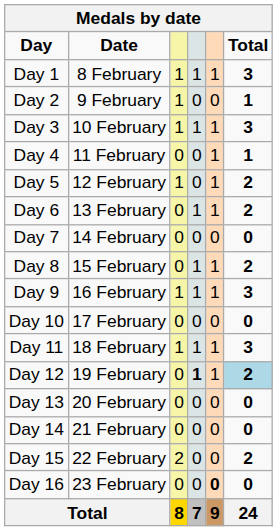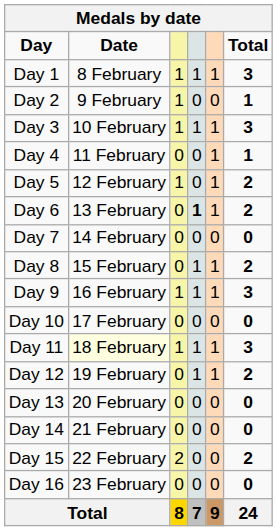 <table class=wikitable style="font-size:85%">
 <tr bgcolor=efefef>
 <th colspan=6><strong>Medals by date</strong></th>
 </tr>
 <tr align=center>
 <td><strong>Day</strong></td>
 <td><strong>Date</strong></td>
 <td bgcolor=#f7f6a8></td>
 <td bgcolor=#dce5e5></td>
 <td bgcolor=#ffdab9></td>
 <td><strong>Total</strong></td>
 </tr>
 <tr align=center>
 <td>Day 1</td>
 <td>8 February</td>
 <td bgcolor=F7F6A8>1</td>
 <td bgcolor=DCE5E5>1</td>
 <td bgcolor=FFDAB9>1</td>
 <td><strong>3</strong></td>
 </tr>
 <tr align=center>
 <td>Day 2</td>
 <td>9 February</td>
 <td bgcolor=F7F6A8>1</td>
 <td bgcolor=DCE5E5>0</td>
 <td bgcolor=FFDAB9>0</td>
 <td><strong>1</strong></td>
 </tr>
 <tr align=center>
 <td>Day 3</td>
 <td>10 February</td>
 <td bgcolor=F7F6A8>1</td>
 <td bgcolor=DCE5E5>1</td>
 <td bgcolor=FFDAB9>1</td>
 <td><strong>3</strong></td>
 </tr>
 <tr align=center>
 <td>Day 4</td>
 <td>11 February</td>
 <td bgcolor=F7F6A8>0</td>
 <td bgcolor=DCE5E5>0</td>
 <td bgcolor=FFDAB9>1</td>
 <td><strong>1</strong></td>
 </tr>
 <tr align=center>
 <td>Day 5</td>
 <td>12 February</td>
 <td bgcolor=F7F6A8>1</td>
 <td bgcolor=DCE5E5>0</td>
 <td bgcolor=FFDAB9>1</td>
 <td><strong>2</strong></td>
 </tr>
 <tr align=center>
 <td>Day 6</td>
 <td>13 February</td>
 <td bgcolor=F7F6A8>0</td>
-<td bgcolor=DCE5E5>1</td>
+<td bgcolor=DCE5E5><strong>1</strong></td>
 <td bgcolor=FFDAB9>1</td>
 <td><strong>2</strong></td>
 </tr>
 <tr align=center>
 <td>Day 7</td>
 <td>14 February</td>
 <td bgcolor=F7F6A8>0</td>
 <td bgcolor=DCE5E5>0</td>
 <td bgcolor=FFDAB9>0</td>
 <td><strong>0</strong></td>
 </tr>
 <tr align=center>
 <td>Day 8</td>
 <td>15 February</td>
 <td bgcolor=F7F6A8>0</td>
 <td bgcolor=DCE5E5>1</td>
 <td bgcolor=FFDAB9>1</td>
 <td><strong>2</strong></td>
 </tr>
 <tr align=center>
 <td>Day 9</td>
 <td>16 February</td>
 <td bgcolor=F7F6A8>1</td>
 <td bgcolor=DCE5E5>1</td>
 <td bgcolor=FFDAB9>1</td>
 <td><strong>3</strong></td>
 </tr>
 <tr align=center>
 <td>Day 10</td>
 <td>17 February</td>
 <td bgcolor=F7F6A8>0</td>
 <td bgcolor=DCE5E5>0</td>
 <td bgcolor=FFDAB9>0</td>
 <td><strong>0</strong></td>
 </tr>
 <tr align=center>
 <td>Day 11</td>
-<td>18 February</td>
+<td style="background: lightyellow;">18 February</td>
 <td bgcolor=F7F6A8>1</td>
 <td bgcolor=DCE5E5>1</td>
 <td bgcolor=FFDAB9>1</td>
 <td><strong>3</strong></td>
 </tr>
 <tr align=center>
 <td>Day 12</td>
 <td>19 February</td>
 <td bgcolor=F7F6A8>0</td>
-<td bgcolor=DCE5E5><strong>1</strong></td>
+<td bgcolor=DCE5E5>1</td>
 <td bgcolor=FFDAB9>1</td>
-<td style="background: lightblue;"><strong>2</strong></td>
+<td><strong>2</strong></td>
 </tr>
 <tr align=center>
 <td>Day 13</td>
 <td>20 February</td>
 <td bgcolor=F7F6A8>0</td>
 <td bgcolor=DCE5E5>0</td>
 <td bgcolor=FFDAB9>0</td>
 <td><strong>0</strong></td>
 </tr>
 <tr align=center>
 <td>Day 14</td>
 <td>21 February</td>
 <td bgcolor=F7F6A8>0</td>
 <td bgcolor=DCE5E5>0</td>
 <td bgcolor=FFDAB9>0</td>
 <td><strong>0</strong></td>
 </tr>
 <tr align=center>
 <td>Day 15</td>
 <td>22 February</td>
 <td bgcolor=F7F6A8>2</td>
 <td bgcolor=DCE5E5>0</td>
 <td bgcolor=FFDAB9>0</td>
 <td><strong>2</strong></td>
 </tr>
 <tr align=center>
 <td>Day 16</td>
 <td>23 February</td>
 <td bgcolor=F7F6A8>0</td>
 <td bgcolor=DCE5E5>0</td>
-<td bgcolor=FFDAB9><strong>0</strong></td>
+<td bgcolor=FFDAB9>0</td>
 <td><strong>0</strong></td>
 </tr>
 <tr>
 <th colspan=2><strong>Total</strong></th>
 <th style="background:gold"><strong>8</strong></th>
 <th style="background:silver"><strong>7</strong></th>
 <th style="background:#c96"><strong>9</strong></th>
 <th><strong>24</strong></th>
 </tr>
 </table>
